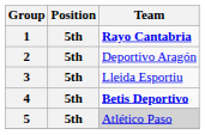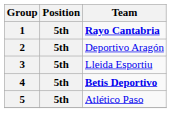 <table class="wikitable">
 <tr>
 <th>Group</th>
 <th>Position</th>
 <th>Team</th>
 </tr>
 <tr>
 <th>1</th>
 <th>5th</th>
 <td><strong><a href='#'>Rayo Cantabria</a></strong></td>
 </tr>
 <tr>
 <th>2</th>
 <th>5th</th>
 <td><a href='#'>Deportivo Aragón</a></td>
 </tr>
 <tr>
 <th>3</th>
 <th>5th</th>
 <td><a href='#'>Lleida Esportiu</a></td>
 </tr>
 <tr>
 <th>4</th>
 <th>5th</th>
 <td><strong><a href='#'>Betis Deportivo</a></strong></td>
 </tr>
 <tr>
 <th>5</th>
 <th>5th</th>
-<td style="background: lightgrey;"><a href='#'>Atlético Paso</a></td>
+<td><a href='#'>Atlético Paso</a></td>
 </tr>
 <tr>
 </tr>
 </table>
